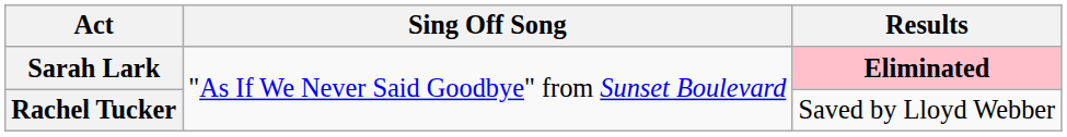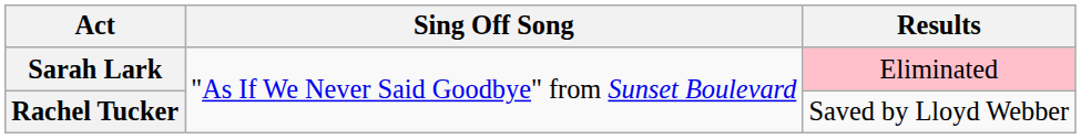 <table class="wikitable plainrowheaders" style="text-align:center;">
 <tr>
 <th scope="col">Act</th>
 <th scope="col">Sing Off Song</th>
 <th scope="col">Results</th>
 </tr>
 <tr>
 <th scope="row">Sarah Lark</th>
 <td rowspan="2">"<a href='#'>As If We Never Said Goodbye</a>"  from  <em><a href='#'>Sunset Boulevard</a></em></td>
-<td style="background:pink;"><strong>Eliminated</strong></td>
+<td style="background:pink;">Eliminated</td>
 </tr>
 <tr>
 <th scope="row">Rachel Tucker</th>
 <td>Saved by Lloyd Webber</td>
 </tr>
 </table>
